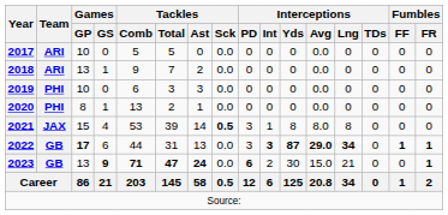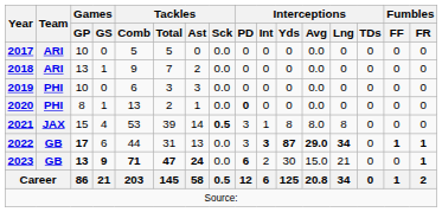 <table class="wikitable" style="text-align: center;">
 <tr>
 <th rowspan="2">Year</th>
 <th rowspan="2">Team</th>
 <th colspan="2">Games</th>
 <th colspan="4">Tackles</th>
 <th colspan="6">Interceptions</th>
 <th colspan="2">Fumbles</th>
 </tr>
 <tr>
 <th>GP</th>
 <th>GS</th>
 <th>Comb</th>
 <th>Total</th>
 <th>Ast</th>
 <th>Sck</th>
 <th>PD</th>
 <th>Int</th>
 <th>Yds</th>
 <th>Avg</th>
 <th>Lng</th>
 <th>TDs</th>
 <th>FF</th>
 <th>FR</th>
 </tr>
 <tr>
 <th><a href='#'>2017</a></th>
 <th><a href='#'>ARI</a></th>
 <td>10</td>
 <td>0</td>
 <td>5</td>
 <td>5</td>
 <td>0</td>
 <td>0.0</td>
 <td>0</td>
 <td>0</td>
 <td>0</td>
 <td>0.0</td>
 <td>0</td>
 <td>0</td>
 <td>0</td>
 <td>0</td>
 </tr>
 <tr>
 <th><a href='#'>2018</a></th>
 <th><a href='#'>ARI</a></th>
 <td>13</td>
 <td>1</td>
 <td>9</td>
 <td>7</td>
 <td>2</td>
 <td>0.0</td>
 <td>0</td>
 <td>0</td>
 <td>0</td>
 <td>0.0</td>
 <td>0</td>
 <td>0</td>
 <td>0</td>
 <td>0</td>
 </tr>
 <tr>
 <th><a href='#'>2019</a></th>
 <th><a href='#'>PHI</a></th>
 <td>10</td>
 <td>0</td>
 <td>6</td>
 <td>3</td>
 <td>3</td>
 <td>0.0</td>
 <td>0</td>
 <td>0</td>
 <td>0</td>
 <td>0.0</td>
 <td>0</td>
 <td>0</td>
 <td>0</td>
 <td>0</td>
 </tr>
 <tr>
 <th><a href='#'>2020</a></th>
 <th><a href='#'>PHI</a></th>
 <td>8</td>
 <td>1</td>
 <td>13</td>
 <td>2</td>
 <td>1</td>
 <td>0.0</td>
-<td>0</td>
+<td><strong>0</strong></td>
 <td>0</td>
 <td>0</td>
 <td>0.0</td>
 <td>0</td>
 <td>0</td>
 <td>0</td>
 <td>0</td>
 </tr>
 <tr>
 <th><a href='#'>2021</a></th>
 <th><a href='#'>JAX</a></th>
 <td>15</td>
 <td>4</td>
 <td>53</td>
 <td>39</td>
 <td>14</td>
 <td><strong>0.5</strong></td>
 <td>3</td>
 <td>1</td>
 <td>8</td>
 <td>8.0</td>
 <td>8</td>
 <td>0</td>
 <td>0</td>
 <td>0</td>
 </tr>
 <tr>
 <th><a href='#'>2022</a></th>
 <th><a href='#'>GB</a></th>
 <td><strong>17</strong></td>
 <td>6</td>
 <td>44</td>
 <td>31</td>
 <td>13</td>
 <td>0.0</td>
 <td>3</td>
 <td><strong>3</strong></td>
 <td><strong>87</strong></td>
 <td><strong>29.0</strong></td>
 <td><strong>34</strong></td>
 <td>0</td>
 <td><strong>1</strong></td>
 <td><strong>1</strong></td>
 </tr>
 <tr>
 <th><a href='#'>2023</a></th>
 <th><a href='#'>GB</a></th>
-<td>13</td>
+<td><strong>13</strong></td>
 <td><strong>9</strong></td>
 <td><strong>71</strong></td>
 <td><strong>47</strong></td>
 <td><strong>24</strong></td>
 <td>0.0</td>
 <td><strong>6</strong></td>
 <td>2</td>
 <td>30</td>
 <td>15.0</td>
 <td>21</td>
 <td>0</td>
 <td>0</td>
 <td><strong>1</strong></td>
 </tr>
 <tr>
 <th colspan="2">Career</th>
 <th>86</th>
 <th>21</th>
 <th>203</th>
 <th>145</th>
 <th>58</th>
 <th>0.5</th>
 <th>12</th>
 <th>6</th>
 <th>125</th>
 <th>20.8</th>
 <th>34</th>
 <th>0</th>
 <th>1</th>
 <th>2</th>
 </tr>
 <tr>
 <td colspan="18"><small>Source: </small></td>
 </tr>
 </table>
